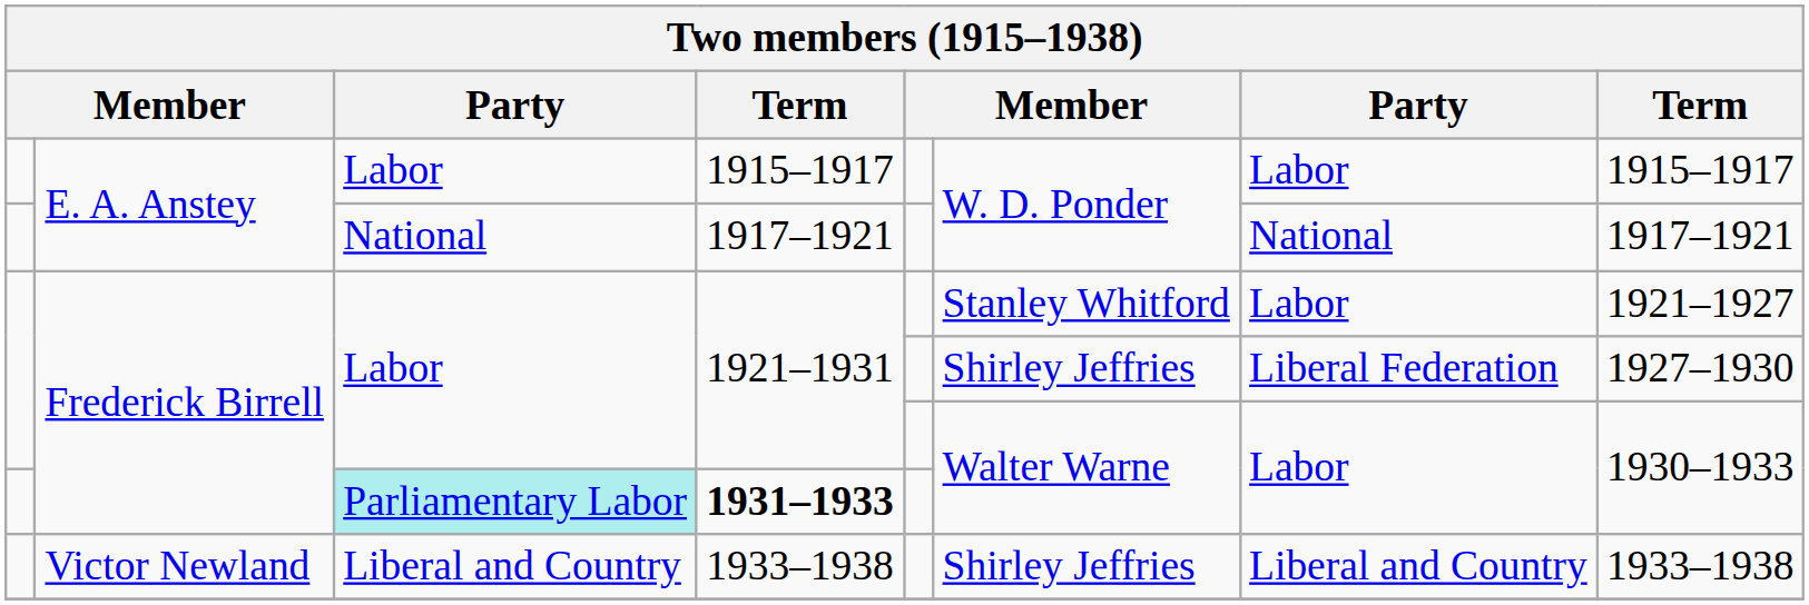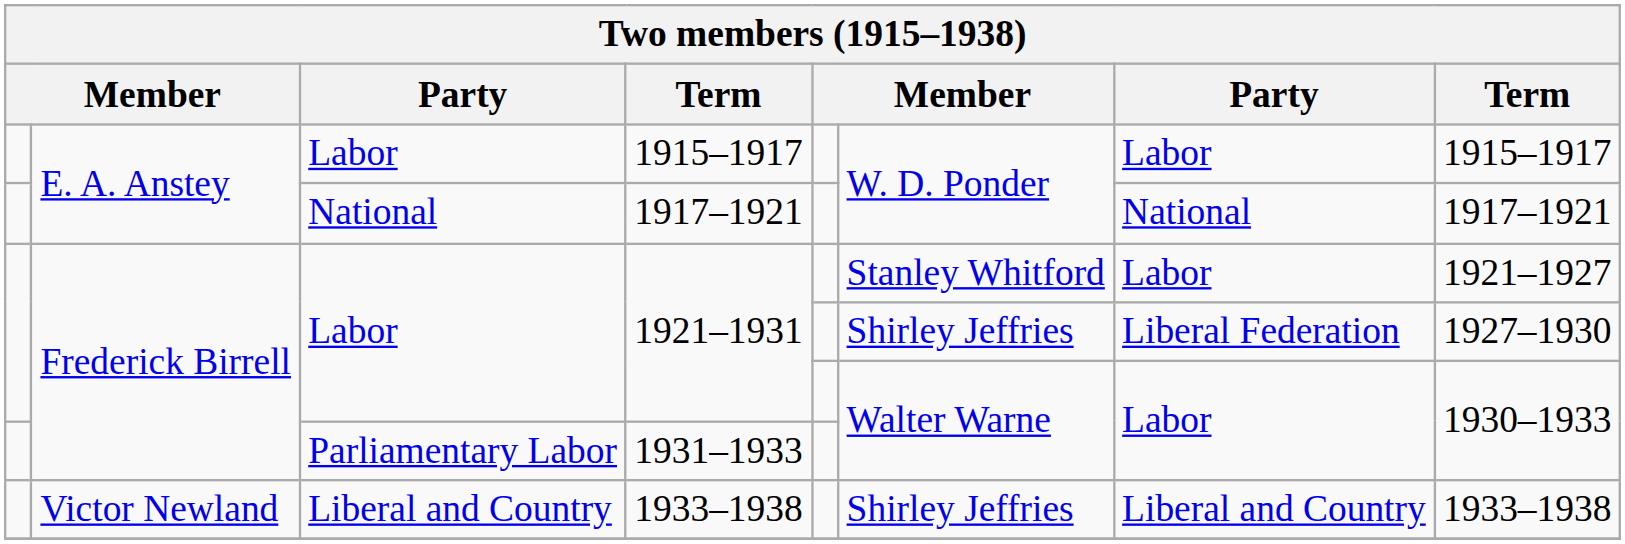 <table class="wikitable">
 <tr>
 <th colspan = 8>Two members (1915–1938)</th>
 </tr>
 <tr>
 <th colspan=2>Member</th>
 <th>Party</th>
 <th>Term</th>
 <th colspan=2>Member</th>
 <th>Party</th>
 <th>Term</th>
 </tr>
 <tr>
 <td> </td>
 <td rowspan=2><a href='#'>E. A. Anstey</a></td>
 <td><a href='#'>Labor</a></td>
 <td>1915–1917</td>
 <td> </td>
 <td rowspan=2><a href='#'>W. D. Ponder</a></td>
 <td><a href='#'>Labor</a></td>
 <td>1915–1917</td>
 </tr>
 <tr>
 <td> </td>
 <td><a href='#'>National</a></td>
 <td>1917–1921</td>
 <td> </td>
 <td><a href='#'>National</a></td>
 <td>1917–1921</td>
 </tr>
 <tr>
 <td rowspan=3 > </td>
 <td rowspan=4><a href='#'>Frederick Birrell</a></td>
 <td rowspan=3><a href='#'>Labor</a></td>
 <td rowspan=3>1921–1931</td>
 <td> </td>
 <td><a href='#'>Stanley Whitford</a></td>
 <td><a href='#'>Labor</a></td>
 <td>1921–1927</td>
 </tr>
 <tr>
 <td> </td>
 <td><a href='#'>Shirley Jeffries</a></td>
 <td><a href='#'>Liberal Federation</a></td>
 <td>1927–1930</td>
 </tr>
 <tr>
 <td> </td>
 <td rowspan=2><a href='#'>Walter Warne</a></td>
 <td rowspan=2><a href='#'>Labor</a></td>
 <td rowspan=2>1930–1933</td>
 </tr>
 <tr>
 <td> </td>
-<td style="background: paleturquoise;"><a href='#'>Parliamentary Labor</a></td>
-<td><strong>1931–1933</strong></td>
+<td><a href='#'>Parliamentary Labor</a></td>
+<td>1931–1933</td>
 <td> </td>
 </tr>
 <tr>
 <td> </td>
 <td><a href='#'>Victor Newland</a></td>
 <td><a href='#'>Liberal and Country</a></td>
 <td>1933–1938</td>
 <td> </td>
 <td><a href='#'>Shirley Jeffries</a></td>
 <td><a href='#'>Liberal and Country</a></td>
 <td>1933–1938</td>
 </tr>
 <tr>
 </tr>
 </table>
